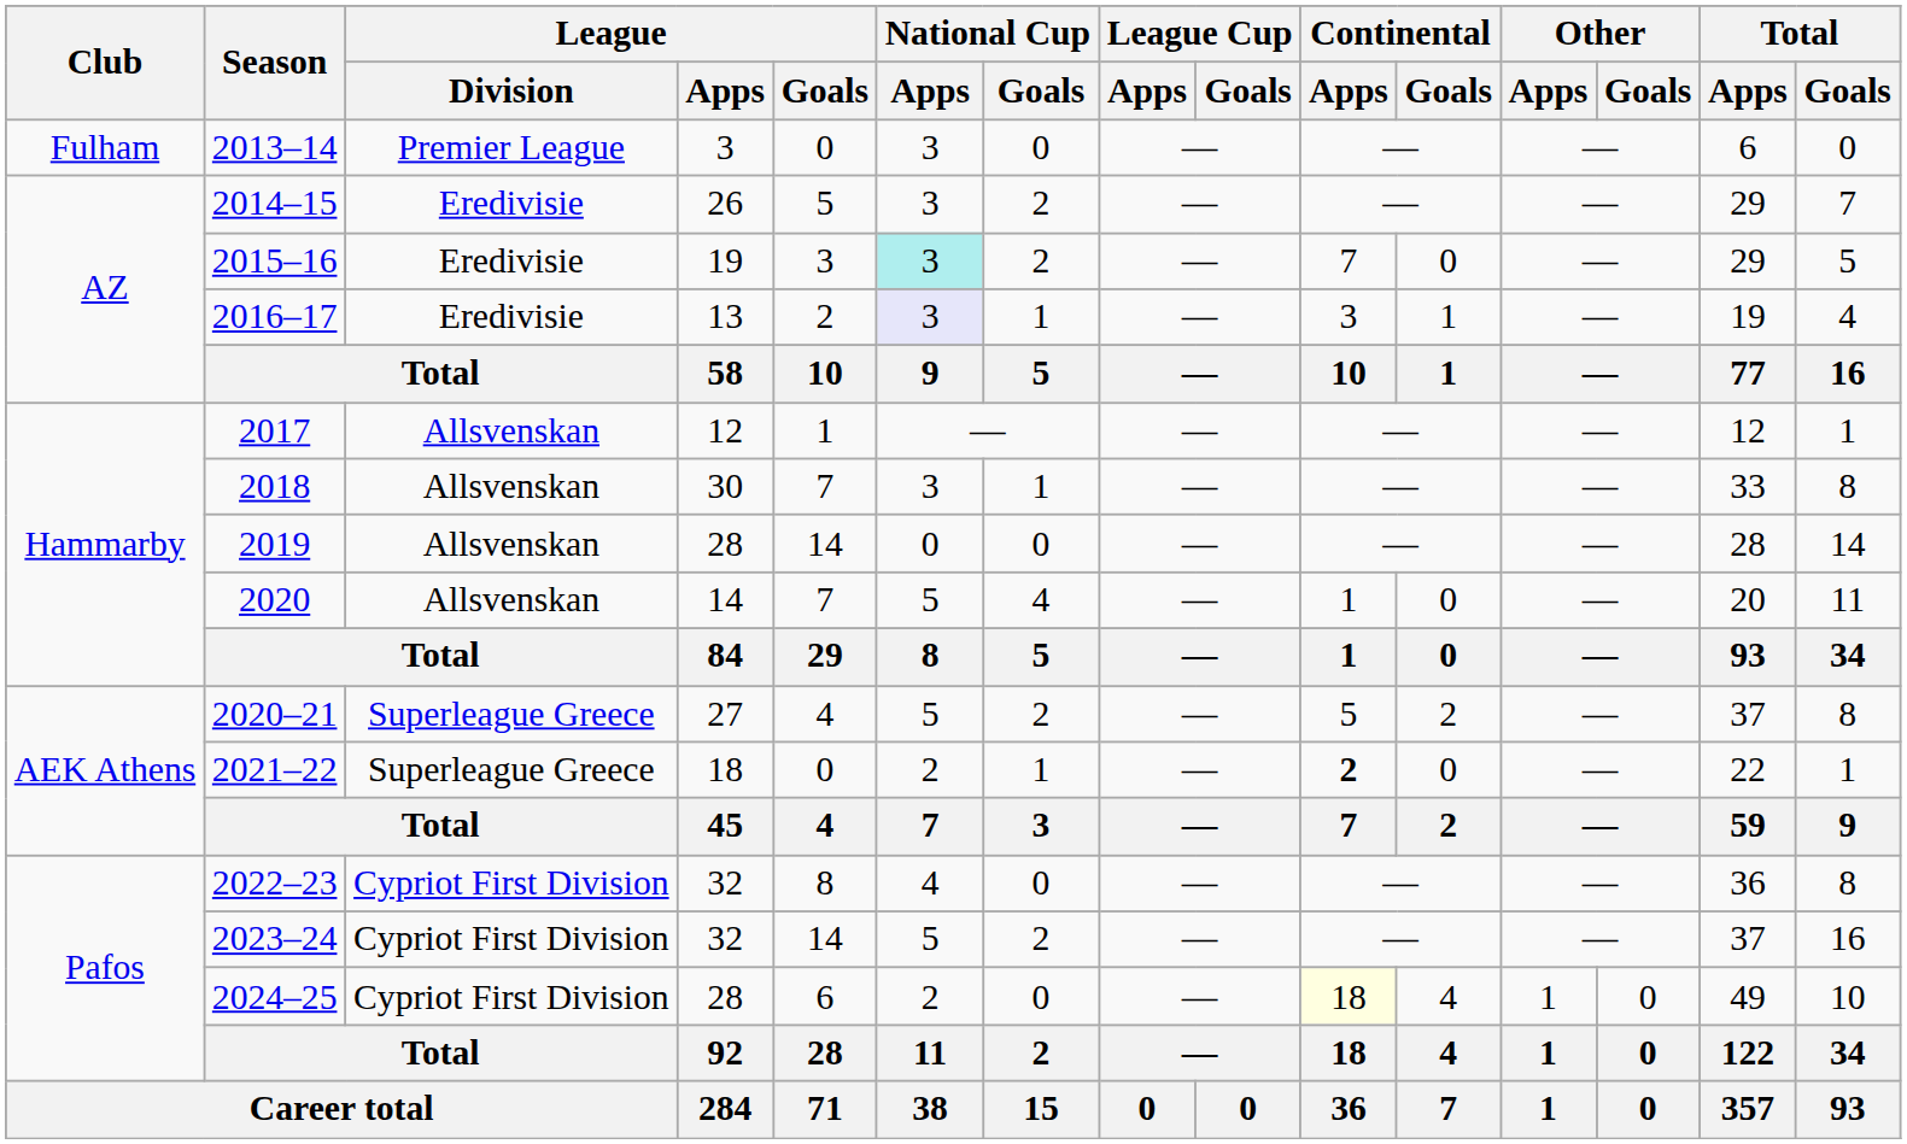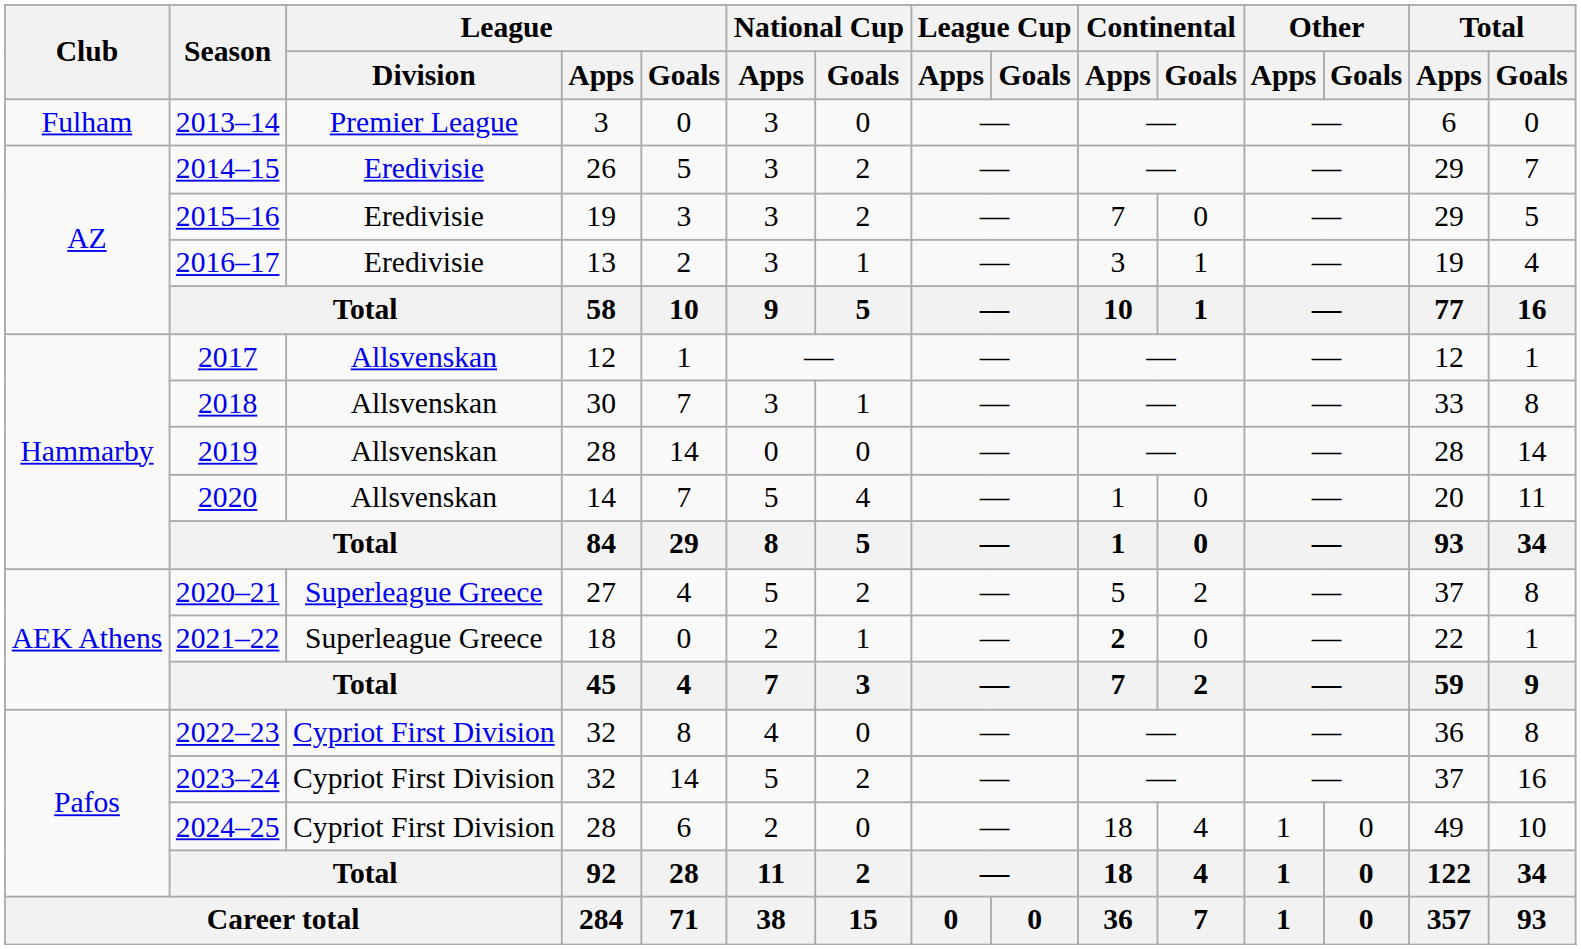 <table class="wikitable" style="text-align: center;">
 <tr>
 <th rowspan=2>Club</th>
 <th rowspan=2>Season</th>
 <th colspan=3>League</th>
 <th colspan=2>National Cup</th>
 <th colspan=2>League Cup</th>
 <th colspan=2>Continental</th>
 <th colspan=2>Other</th>
 <th colspan=2>Total</th>
 </tr>
 <tr>
 <th>Division</th>
 <th>Apps</th>
 <th>Goals</th>
 <th>Apps</th>
 <th>Goals</th>
 <th>Apps</th>
 <th>Goals</th>
 <th>Apps</th>
 <th>Goals</th>
 <th>Apps</th>
 <th>Goals</th>
 <th>Apps</th>
 <th>Goals</th>
 </tr>
 <tr>
 <td><a href='#'>Fulham</a></td>
 <td><a href='#'>2013–14</a></td>
 <td><a href='#'>Premier League</a></td>
 <td>3</td>
 <td>0</td>
 <td>3</td>
 <td>0</td>
 <td colspan="2">—</td>
 <td colspan="2">—</td>
 <td colspan="2">—</td>
 <td>6</td>
 <td>0</td>
 </tr>
 <tr>
 <td rowspan="4"><a href='#'>AZ</a></td>
 <td><a href='#'>2014–15</a></td>
 <td><a href='#'>Eredivisie</a></td>
 <td>26</td>
 <td>5</td>
 <td>3</td>
 <td>2</td>
 <td colspan="2">—</td>
 <td colspan="2">—</td>
 <td colspan="2">—</td>
 <td>29</td>
 <td>7</td>
 </tr>
 <tr>
 <td><a href='#'>2015–16</a></td>
 <td>Eredivisie</td>
 <td>19</td>
 <td>3</td>
-<td style="background: paleturquoise;">3</td>
+<td>3</td>
 <td>2</td>
 <td colspan="2">—</td>
 <td>7</td>
 <td>0</td>
 <td colspan="2">—</td>
 <td>29</td>
 <td>5</td>
 </tr>
 <tr>
 <td><a href='#'>2016–17</a></td>
 <td>Eredivisie</td>
 <td>13</td>
 <td>2</td>
-<td style="background: lavender;">3</td>
+<td>3</td>
 <td>1</td>
 <td colspan="2">—</td>
 <td>3</td>
 <td>1</td>
 <td colspan="2">—</td>
 <td>19</td>
 <td>4</td>
 </tr>
 <tr>
 <th colspan=2>Total</th>
 <th>58</th>
 <th>10</th>
 <th>9</th>
 <th>5</th>
 <th colspan="2">—</th>
 <th>10</th>
 <th>1</th>
 <th colspan="2">—</th>
 <th>77</th>
 <th>16</th>
 </tr>
 <tr>
 <td rowspan="5"><a href='#'>Hammarby</a></td>
 <td><a href='#'>2017</a></td>
 <td><a href='#'>Allsvenskan</a></td>
 <td>12</td>
 <td>1</td>
 <td colspan="2">—</td>
 <td colspan="2">—</td>
 <td colspan="2">—</td>
 <td colspan="2">—</td>
 <td>12</td>
 <td>1</td>
 </tr>
 <tr>
 <td><a href='#'>2018</a></td>
 <td>Allsvenskan</td>
 <td>30</td>
 <td>7</td>
 <td>3</td>
 <td>1</td>
 <td colspan="2">—</td>
 <td colspan="2">—</td>
 <td colspan="2">—</td>
 <td>33</td>
 <td>8</td>
 </tr>
 <tr>
 <td><a href='#'>2019</a></td>
 <td>Allsvenskan</td>
 <td>28</td>
 <td>14</td>
 <td>0</td>
 <td>0</td>
 <td colspan="2">—</td>
 <td colspan="2">—</td>
 <td colspan="2">—</td>
 <td>28</td>
 <td>14</td>
 </tr>
 <tr>
 <td><a href='#'>2020</a></td>
 <td>Allsvenskan</td>
 <td>14</td>
 <td>7</td>
 <td>5</td>
 <td>4</td>
 <td colspan="2">—</td>
 <td>1</td>
 <td>0</td>
 <td colspan="2">—</td>
 <td>20</td>
 <td>11</td>
 </tr>
 <tr>
 <th colspan="2">Total</th>
 <th>84</th>
 <th>29</th>
 <th>8</th>
 <th>5</th>
 <th colspan="2">—</th>
 <th>1</th>
 <th>0</th>
 <th colspan="2">—</th>
 <th>93</th>
 <th>34</th>
 </tr>
 <tr>
 <td rowspan="3"><a href='#'>AEK Athens</a></td>
 <td><a href='#'>2020–21</a></td>
 <td><a href='#'>Superleague Greece</a></td>
 <td>27</td>
 <td>4</td>
 <td>5</td>
 <td>2</td>
 <td colspan="2">—</td>
 <td>5</td>
 <td>2</td>
 <td colspan="2">—</td>
 <td>37</td>
 <td>8</td>
 </tr>
 <tr>
 <td><a href='#'>2021–22</a></td>
 <td>Superleague Greece</td>
 <td>18</td>
 <td>0</td>
 <td>2</td>
 <td>1</td>
 <td colspan="2">—</td>
 <td><strong>2</strong></td>
 <td>0</td>
 <td colspan="2">—</td>
 <td>22</td>
 <td>1</td>
 </tr>
 <tr>
 <th colspan="2">Total</th>
 <th>45</th>
 <th>4</th>
 <th>7</th>
 <th>3</th>
 <th colspan="2">—</th>
 <th>7</th>
 <th>2</th>
 <th colspan="2">—</th>
 <th>59</th>
 <th>9</th>
 </tr>
 <tr>
 <td rowspan="4"><a href='#'>Pafos</a></td>
 <td><a href='#'>2022–23</a></td>
 <td><a href='#'>Cypriot First Division</a></td>
 <td>32</td>
 <td>8</td>
 <td>4</td>
 <td>0</td>
 <td colspan="2">—</td>
 <td colspan="2">—</td>
 <td colspan="2">—</td>
 <td>36</td>
 <td>8</td>
 </tr>
 <tr>
 <td><a href='#'>2023–24</a></td>
 <td>Cypriot First Division</td>
 <td>32</td>
 <td>14</td>
 <td>5</td>
 <td>2</td>
 <td colspan="2">—</td>
 <td colspan="2">—</td>
 <td colspan="2">—</td>
 <td>37</td>
 <td>16</td>
 </tr>
 <tr>
 <td><a href='#'>2024–25</a></td>
 <td>Cypriot First Division</td>
 <td>28</td>
 <td>6</td>
 <td>2</td>
 <td>0</td>
 <td colspan="2">—</td>
-<td style="background: lightyellow;">18</td>
+<td>18</td>
 <td>4</td>
 <td>1</td>
 <td>0</td>
 <td>49</td>
 <td>10</td>
 </tr>
 <tr>
 <th colspan="2">Total</th>
 <th>92</th>
 <th>28</th>
 <th>11</th>
 <th>2</th>
 <th colspan="2">—</th>
 <th>18</th>
 <th>4</th>
 <th>1</th>
 <th>0</th>
 <th>122</th>
 <th>34</th>
 </tr>
 <tr>
 <th colspan="3">Career total</th>
 <th>284</th>
 <th>71</th>
 <th>38</th>
 <th>15</th>
 <th>0</th>
 <th>0</th>
 <th>36</th>
 <th>7</th>
 <th>1</th>
 <th>0</th>
 <th>357</th>
 <th>93</th>
 </tr>
 <tr>
 </tr>
 </table>
